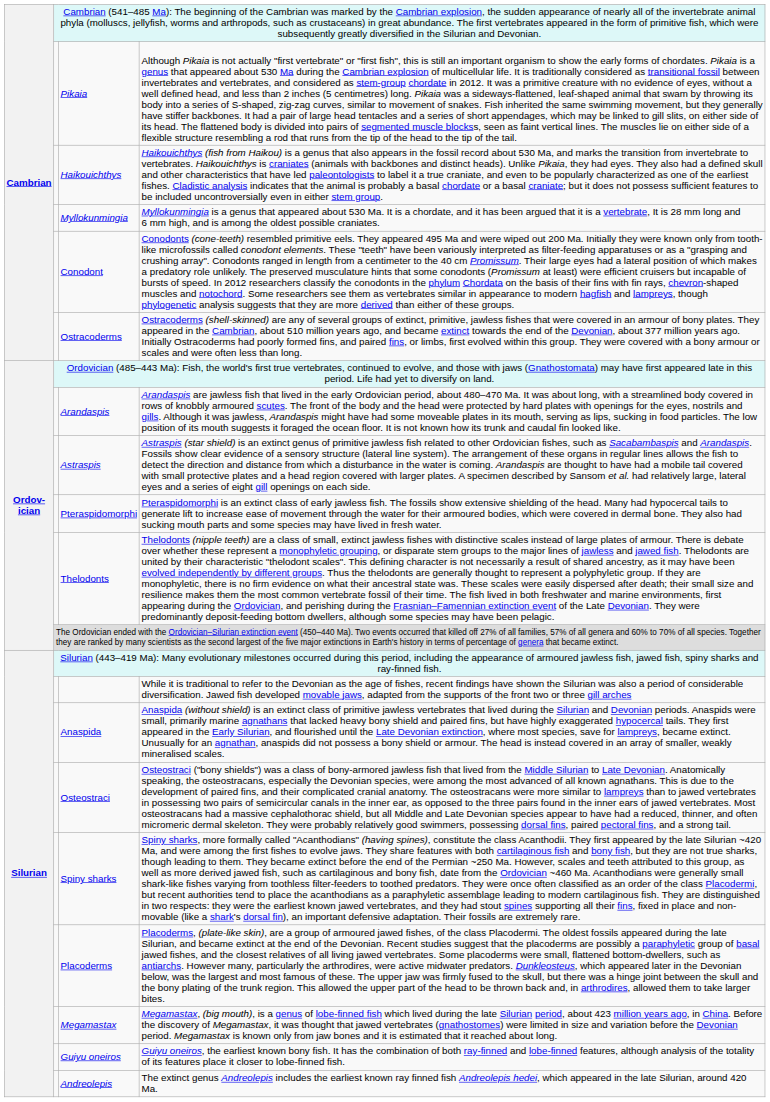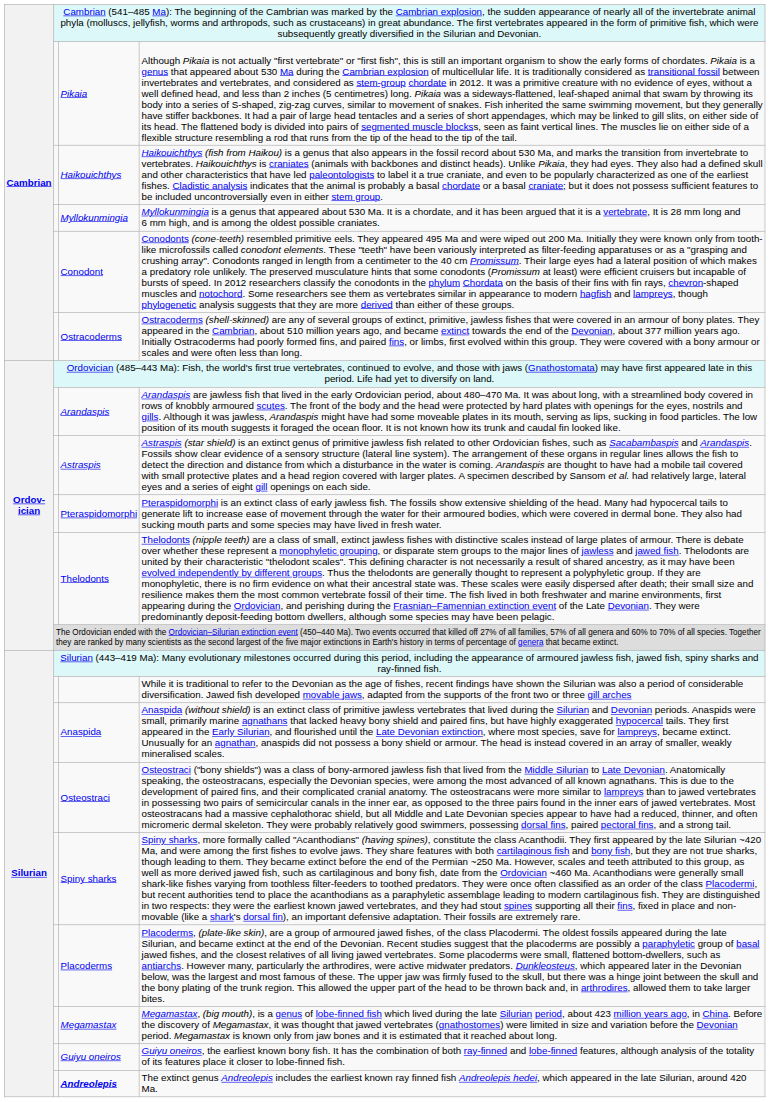 <table class="wikitable">
 <tr>
 <th rowspan=6 style="background:"><a href='#'>Cambrian</a></th>
 <td colspan="3"  style="text-align:center; background:#ddf8f8;"><a href='#'>Cambrian</a> (541–485 <a href='#'>Ma</a>): The beginning of the Cambrian was marked by the <a href='#'>Cambrian explosion</a>, the sudden appearance of nearly all of the invertebrate animal phyla (molluscs, jellyfish, worms and arthropods, such as crustaceans) in great abundance. The first vertebrates appeared in the form of primitive fish, which were subsequently greatly diversified in the Silurian and Devonian.</td>
 </tr>
 <tr>
 <td></td>
 <td><em><a href='#'>Pikaia</a></em></td>
 <td><br>Although <em>Pikaia</em> is not actually "first vertebrate" or "first fish", this is still an important organism to show the early forms of chordates. <em>Pikaia</em> is a <a href='#'>genus</a> that appeared about 530 <a href='#'>Ma</a> during the <a href='#'>Cambrian explosion</a> of multicellular life. It is traditionally considered as <a href='#'>transitional fossil</a> between invertebrates and vertebrates, and considered as <a href='#'>stem-group</a> <a href='#'>chordate</a> in 2012. It was a primitive creature with no evidence of eyes, without a well defined head, and less than 2 inches (5 centimetres) long. <em>Pikaia</em> was a sideways-flattened, leaf-shaped animal that swam by throwing its body into a series of S-shaped, zig-zag curves, similar to movement of snakes. Fish inherited the same swimming movement, but they generally have stiffer backbones. It had a pair of large head tentacles and a series of short appendages, which may be linked to gill slits, on either side of its head. The flattened body is divided into pairs of <a href='#'>segmented muscle blocks</a>s, seen as faint vertical lines. The muscles lie on either side of a flexible structure resembling a rod that runs from the tip of the head to the tip of the tail.</td>
 </tr>
 <tr>
 <td></td>
 <td><em><a href='#'>Haikouichthys</a></em></td>
 <td><em><a href='#'>Haikouichthys</a></em> <em>(fish from Haikou)</em> is a genus that also appears in the fossil record about 530 Ma, and marks the transition from invertebrate to vertebrates. <em>Haikouichthys</em> is <a href='#'>craniates</a> (animals with backbones and distinct heads). Unlike <em>Pikaia</em>, they had eyes. They also had a defined skull and other characteristics that have led <a href='#'>paleontologists</a> to label it a true craniate, and even to be popularly characterized as one of the earliest fishes. <a href='#'>Cladistic analysis</a> indicates that the animal is probably a basal <a href='#'>chordate</a> or a basal <a href='#'>craniate</a>; but it does not possess sufficient features to be included uncontroversially even in either <a href='#'>stem group</a>.</td>
 </tr>
 <tr>
 <td></td>
 <td><em><a href='#'>Myllokunmingia</a></em></td>
 <td><em><a href='#'>Myllokunmingia</a></em> is a genus that appeared about 530 Ma. It is a chordate, and it has been argued that it is a <a href='#'>vertebrate</a>, It is 28 mm long and 6 mm high, and is among the oldest possible craniates.</td>
 </tr>
 <tr>
 <td></td>
 <td><a href='#'>Conodont</a></td>
 <td><a href='#'>Conodonts</a> <em>(cone-teeth)</em> resembled primitive eels. They appeared 495 Ma and were wiped out 200 Ma. Initially they were known only from tooth-like microfossils called <em>conodont elements</em>. These "teeth" have been variously interpreted as filter-feeding apparatuses or as a "grasping and crushing array". Conodonts ranged in length from a centimeter to the 40 cm <em><a href='#'>Promissum</a></em>. Their large eyes had a lateral position of which makes a predatory role unlikely. The preserved musculature hints that some conodonts (<em>Promissum</em> at least) were efficient cruisers but incapable of bursts of speed. In 2012 researchers classify the conodonts in the <a href='#'>phylum</a> <a href='#'>Chordata</a> on the basis of their fins with fin rays, <a href='#'>chevron</a>-shaped muscles and <a href='#'>notochord</a>. Some researchers see them as vertebrates similar in appearance to modern <a href='#'>hagfish</a> and <a href='#'>lampreys</a>, though <a href='#'>phylogenetic</a> analysis suggests that they are more <a href='#'>derived</a> than either of these groups.</td>
 </tr>
 <tr>
 <td></td>
 <td><a href='#'>Ostracoderms</a></td>
 <td><a href='#'>Ostracoderms</a> <em>(shell-skinned)</em> are any of several groups of extinct, primitive, jawless fishes that were covered in an armour of bony plates. They appeared in the <a href='#'>Cambrian</a>, about 510 million years ago, and became <a href='#'>extinct</a> towards the end of the <a href='#'>Devonian</a>, about 377 million years ago. Initially Ostracoderms had poorly formed fins, and paired <a href='#'>fins</a>, or limbs, first evolved within this group. They were covered with a bony armour or scales and were often less than  long.</td>
 </tr>
 <tr>
 <th rowspan=6 style="background:"><a href='#'><span>Ordov-<br>ician</span></a></th>
 <td colspan="3"  style="text-align:center; background:#ddf8f8;"><a href='#'>Ordovician</a> (485–443 Ma): Fish, the world's first true vertebrates, continued to evolve, and those with jaws (<a href='#'>Gnathostomata</a>) may have first appeared late in this period. Life had yet to diversify on land.</td>
 </tr>
 <tr>
 <td></td>
 <td><em><a href='#'>Arandaspis</a></em></td>
 <td><em><a href='#'>Arandaspis</a></em> are jawless fish that lived in the early Ordovician period, about 480–470 Ma. It was about  long, with a streamlined body covered in rows of knobbly armoured <a href='#'>scutes</a>. The front of the body and the head were protected by hard plates with openings for the eyes, nostrils and <a href='#'>gills</a>. Although it was jawless, <em>Arandaspis</em> might have had some moveable plates in its mouth, serving as lips, sucking in food particles. The low position of its mouth suggests it foraged the ocean floor. It is not known how its trunk and caudal fin looked like.</td>
 </tr>
 <tr>
 <td></td>
 <td><em><a href='#'>Astraspis</a></em></td>
 <td><em><a href='#'>Astraspis</a></em> <em>(star shield)</em> is an extinct genus of primitive jawless fish related to other Ordovician fishes, such as <em><a href='#'>Sacabambaspis</a></em> and <em><a href='#'>Arandaspis</a></em>. Fossils show clear evidence of a sensory structure (lateral line system). The arrangement of these organs in regular lines allows the fish to detect the direction and distance from which a disturbance in the water is coming. <em>Arandaspis</em> are thought to have had a mobile tail covered with small protective plates and a head region covered with larger plates. A specimen described by Sansom <em>et al.</em> had relatively large, lateral eyes and a series of eight <a href='#'>gill</a> openings on each side.</td>
 </tr>
 <tr>
 <td></td>
 <td><a href='#'>Pteraspidomorphi</a></td>
 <td><a href='#'>Pteraspidomorphi</a> is an extinct class of early jawless fish. The fossils show extensive shielding of the head. Many had hypocercal tails to generate lift to increase ease of movement through the water for their armoured bodies, which were covered in dermal bone. They also had sucking mouth parts and some species may have lived in fresh water.</td>
 </tr>
 <tr>
 <td></td>
 <td><a href='#'>Thelodonts</a></td>
 <td><a href='#'>Thelodonts</a> <em>(nipple teeth)</em> are a class of small, extinct jawless fishes with distinctive scales instead of large plates of armour. There is debate over whether these represent a <a href='#'>monophyletic grouping</a>, or disparate stem groups to the major lines of <a href='#'>jawless</a> and <a href='#'>jawed fish</a>. Thelodonts are united by their characteristic "thelodont scales". This defining character is not necessarily a result of shared ancestry, as it may have been <a href='#'>evolved independently by different groups</a>. Thus the thelodonts are generally thought to represent a polyphyletic group. If they are monophyletic, there is no firm evidence on what their ancestral state was. These scales were easily dispersed after death; their small size and resilience makes them the most common vertebrate fossil of their time. The fish lived in both freshwater and marine environments, first appearing during the <a href='#'>Ordovician</a>, and perishing during the <a href='#'>Frasnian–Famennian extinction event</a> of the Late <a href='#'>Devonian</a>. They were predominantly deposit-feeding bottom dwellers, although some species may have been pelagic.</td>
 </tr>
 <tr>
 <td colspan="3"  style="line-height:16px; background:#dddddd;"><small>The Ordovician ended with the <a href='#'>Ordovician–Silurian extinction event</a> (450–440 Ma). Two events occurred that killed off 27% of all families, 57% of all genera and 60% to 70% of all species. Together they are ranked by many scientists as the second largest of the five major extinctions in Earth's history in terms of percentage of <a href='#'>genera</a> that became extinct.</small></td>
 </tr>
 <tr>
 <th rowspan=9 style="background:"><a href='#'>Silurian</a></th>
 <td colspan="3"  style="text-align:center; background:#ddf8f8;"><a href='#'>Silurian</a> (443–419 Ma): Many evolutionary milestones occurred during this period, including the appearance of armoured jawless fish, jawed fish, spiny sharks and ray-finned fish.</td>
 </tr>
 <tr>
 <td></td>
 <td></td>
 <td>While it is traditional to refer to the Devonian as the age of fishes, recent findings have shown the Silurian was also a period of considerable diversification. Jawed fish developed <a href='#'>movable jaws</a>, adapted from the supports of the front two or three <a href='#'>gill arches</a></td>
 </tr>
 <tr>
 <td></td>
 <td><a href='#'>Anaspida</a></td>
 <td><a href='#'>Anaspida</a> <em>(without shield)</em> is an extinct class of primitive jawless vertebrates that lived during the <a href='#'>Silurian</a> and <a href='#'>Devonian</a> periods. Anaspids were small, primarily marine <a href='#'>agnathans</a> that lacked heavy bony shield and paired fins, but have highly exaggerated <a href='#'>hypocercal</a> tails. They first appeared in the <a href='#'>Early Silurian</a>, and flourished until the <a href='#'>Late Devonian extinction</a>, where most species, save for <a href='#'>lampreys</a>, became extinct. Unusually for an <a href='#'>agnathan</a>, anaspids did not possess a bony shield or armour. The head is instead covered in an array of smaller, weakly mineralised scales.</td>
 </tr>
 <tr>
 <td></td>
 <td><a href='#'>Osteostraci</a></td>
 <td><a href='#'>Osteostraci</a> ("bony shields") was a class of bony-armored jawless fish that lived from the <a href='#'>Middle Silurian</a> to <a href='#'>Late Devonian</a>. Anatomically speaking, the osteostracans, especially the Devonian species, were among the most advanced of all known agnathans. This is due to the development of paired fins, and their complicated cranial anatomy. The osteostracans were more similar to <a href='#'>lampreys</a> than to jawed vertebrates in possessing two pairs of semicircular canals in the inner ear, as opposed to the three pairs found in the inner ears of jawed vertebrates. Most osteostracans had a massive cephalothorac shield, but all Middle and Late Devonian species appear to have had a reduced, thinner, and often micromeric dermal skeleton. They were probably relatively good swimmers, possessing <a href='#'>dorsal fins</a>, paired <a href='#'>pectoral fins</a>, and a strong tail.</td>
 </tr>
 <tr>
 <td></td>
 <td><a href='#'>Spiny sharks</a></td>
 <td><a href='#'>Spiny sharks</a>, more formally called "Acanthodians" <em>(having spines)</em>, constitute the class Acanthodii. They first appeared by the late Silurian ~420 Ma, and were among the first fishes to evolve jaws. They share features with both <a href='#'>cartilaginous fish</a> and <a href='#'>bony fish</a>, but they are not true sharks, though leading to them. They became extinct before the end of the Permian ~250 Ma. However, scales and teeth attributed to this group, as well as more derived jawed fish, such as cartilaginous and bony fish, date from the <a href='#'>Ordovician</a> ~460 Ma. Acanthodians were generally small shark-like fishes varying from toothless filter-feeders to toothed predators. They were once often classified as an order of the class <a href='#'>Placodermi</a>, but recent authorities tend to place the acanthodians as a paraphyletic assemblage leading to modern cartilaginous fish. They are distinguished in two respects: they were the earliest known jawed vertebrates, and they had stout <a href='#'>spines</a> supporting all their <a href='#'>fins</a>, fixed in place and non-movable (like a <a href='#'>shark</a>'s <a href='#'>dorsal fin</a>), an important defensive adaptation. Their fossils are extremely rare.</td>
 </tr>
 <tr>
 <td></td>
 <td><a href='#'>Placoderms</a></td>
 <td><a href='#'>Placoderms</a>, <em>(plate-like skin)</em>, are a group of armoured jawed fishes, of the class Placodermi. The oldest fossils appeared during the late Silurian, and became extinct at the end of the Devonian. Recent studies suggest that the placoderms are possibly a <a href='#'>paraphyletic</a> group of <a href='#'>basal</a> jawed fishes, and the closest relatives of all living jawed vertebrates. Some placoderms were small, flattened bottom-dwellers, such as <a href='#'>antiarchs</a>. However many, particularly the arthrodires, were active midwater predators. <em><a href='#'>Dunkleosteus</a></em>, which appeared later in the Devonian below, was the largest and most famous of these. The upper jaw was firmly fused to the skull, but there was a hinge joint between the skull and the bony plating of the trunk region. This allowed the upper part of the head to be thrown back and, in <a href='#'>arthrodires</a>, allowed them to take larger bites.</td>
 </tr>
 <tr>
 <td></td>
 <td><em><a href='#'>Megamastax</a></em></td>
 <td><em><a href='#'>Megamastax</a></em>, <em>(big mouth)</em>, is a <a href='#'>genus</a> of <a href='#'>lobe-finned fish</a> which lived during the late <a href='#'>Silurian</a> <a href='#'>period</a>, about 423 <a href='#'>million years ago</a>, in <a href='#'>China</a>. Before the discovery of <em>Megamastax</em>, it was thought that jawed vertebrates (<a href='#'>gnathostomes</a>) were limited in size and variation before the <a href='#'>Devonian</a> period. <em>Megamastax</em> is known only from jaw bones and it is estimated that it reached about  long.</td>
 </tr>
 <tr>
 <td></td>
 <td><em><a href='#'>Guiyu oneiros</a></em></td>
 <td><em><a href='#'>Guiyu oneiros</a></em>, the earliest known bony fish. It has the combination of both <a href='#'>ray-finned</a> and <a href='#'>lobe-finned</a> features, although analysis of the totality of its features place it closer to lobe-finned fish.</td>
 </tr>
 <tr>
 <td></td>
-<td><em><a href='#'>Andreolepis</a></em></td>
+<td><strong><em><a href='#'>Andreolepis</a></em></strong></td>
 <td>The extinct genus <em><a href='#'>Andreolepis</a></em> includes the earliest known ray finned fish <em><a href='#'>Andreolepis hedei</a></em>, which appeared in the late Silurian, around 420 Ma.</td>
 </tr>
 </table>
